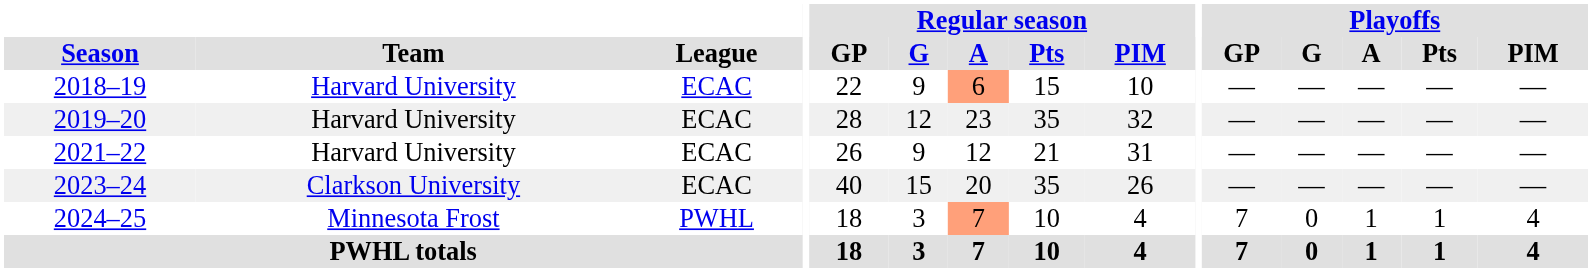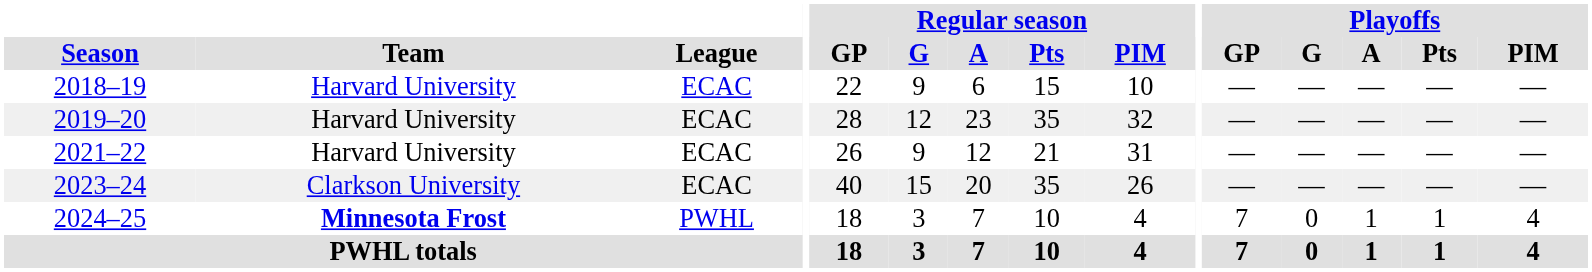 <table border="0" cellpadding="1" cellspacing="0" style="text-align:center; width:60em">
 <tr bgcolor="#e0e0e0">
 <th colspan="3" bgcolor="#ffffff"></th>
 <th rowspan="97" bgcolor="#ffffff"></th>
 <th colspan="5"><a href='#'>Regular season</a></th>
 <th rowspan="97" bgcolor="#ffffff"></th>
 <th colspan="5"><a href='#'>Playoffs</a></th>
 </tr>
 <tr bgcolor="#e0e0e0">
 <th><a href='#'>Season</a></th>
 <th>Team</th>
 <th>League</th>
 <th>GP</th>
 <th><a href='#'>G</a></th>
 <th><a href='#'>A</a></th>
 <th><a href='#'>Pts</a></th>
 <th><a href='#'>PIM</a></th>
 <th>GP</th>
 <th>G</th>
 <th>A</th>
 <th>Pts</th>
 <th>PIM</th>
 </tr>
 <tr>
 <td><a href='#'>2018–19</a></td>
 <td><a href='#'>Harvard University</a></td>
 <td><a href='#'>ECAC</a></td>
 <td>22</td>
 <td>9</td>
-<td style="background: lightsalmon;">6</td>
+<td>6</td>
 <td>15</td>
 <td>10</td>
 <td>—</td>
 <td>—</td>
 <td>—</td>
 <td>—</td>
 <td>—</td>
 </tr>
 <tr bgcolor="#f0f0f0">
 <td><a href='#'>2019–20</a></td>
 <td>Harvard University</td>
 <td>ECAC</td>
 <td>28</td>
 <td>12</td>
 <td>23</td>
 <td>35</td>
 <td>32</td>
 <td>—</td>
 <td>—</td>
 <td>—</td>
 <td>—</td>
 <td>—</td>
 </tr>
 <tr>
 <td><a href='#'>2021–22</a></td>
 <td>Harvard University</td>
 <td>ECAC</td>
 <td>26</td>
 <td>9</td>
 <td>12</td>
 <td>21</td>
 <td>31</td>
 <td>—</td>
 <td>—</td>
 <td>—</td>
 <td>—</td>
 <td>—</td>
 </tr>
 <tr bgcolor="#f0f0f0">
 <td><a href='#'>2023–24</a></td>
 <td><a href='#'>Clarkson University</a></td>
 <td>ECAC</td>
 <td>40</td>
 <td>15</td>
 <td>20</td>
 <td>35</td>
 <td>26</td>
 <td>—</td>
 <td>—</td>
 <td>—</td>
 <td>—</td>
 <td>—</td>
 </tr>
 <tr>
 <td><a href='#'>2024–25</a></td>
-<td><a href='#'>Minnesota Frost</a></td>
+<td><strong><a href='#'>Minnesota Frost</a></strong></td>
 <td><a href='#'>PWHL</a></td>
 <td>18</td>
 <td>3</td>
-<td style="background: lightsalmon;">7</td>
+<td>7</td>
 <td>10</td>
 <td>4</td>
 <td>7</td>
 <td>0</td>
 <td>1</td>
 <td>1</td>
 <td>4</td>
 </tr>
 <tr bgcolor="#e0e0e0">
 <th colspan="3">PWHL totals</th>
 <th>18</th>
 <th>3</th>
 <th>7</th>
 <th>10</th>
 <th>4</th>
 <th>7</th>
 <th>0</th>
 <th>1</th>
 <th>1</th>
 <th>4</th>
 </tr>
 </table>
